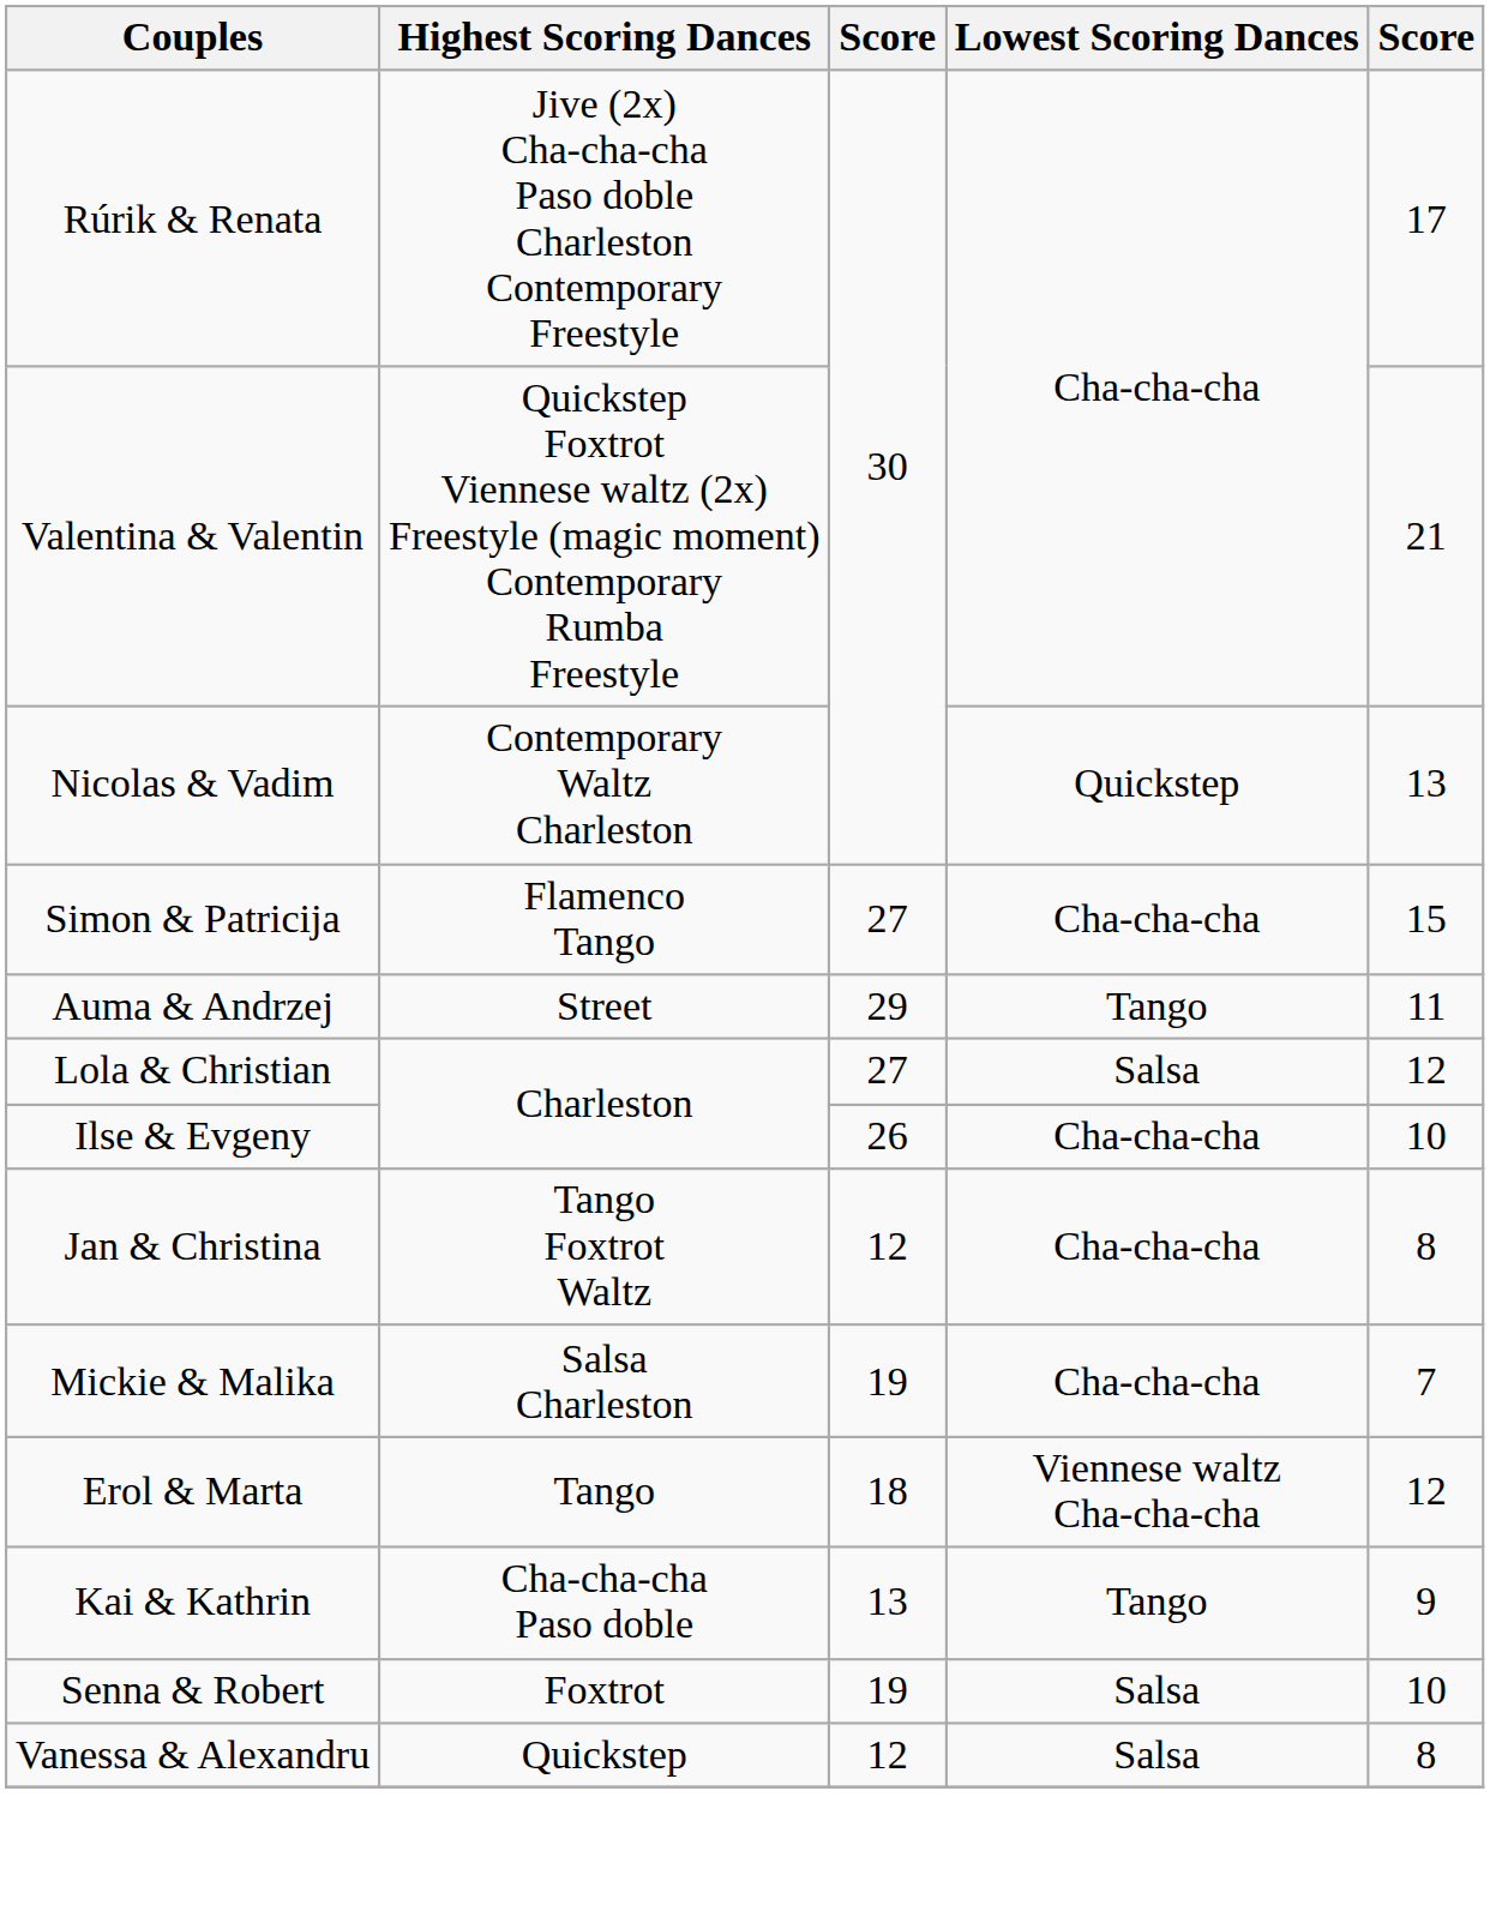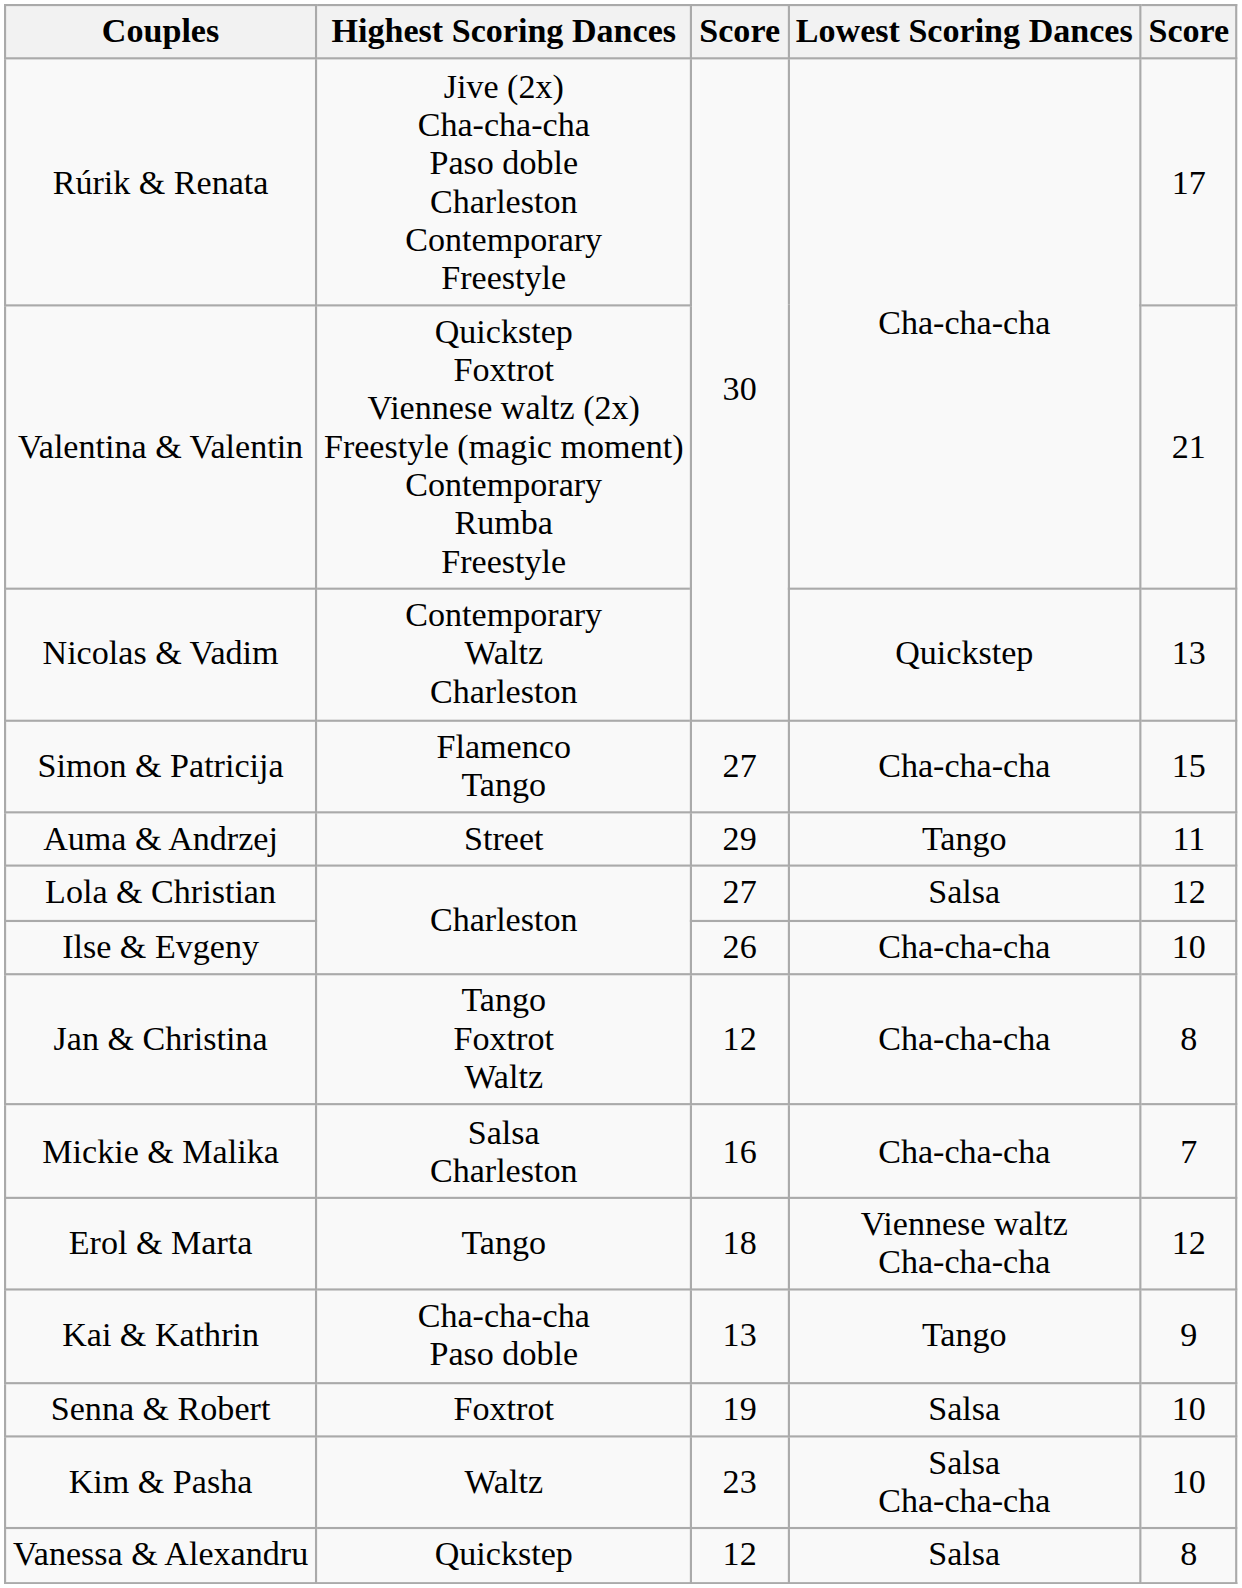 <table class="wikitable sortable" style="text-align:center;">
 <tr>
 <th>Couples</th>
 <th>Highest Scoring Dances</th>
 <th>Score</th>
 <th>Lowest Scoring Dances</th>
 <th>Score</th>
 </tr>
 <tr>
 <td>Rúrik & Renata</td>
 <td>Jive (2x)<br>Cha-cha-cha<br>Paso doble<br>Charleston<br>Contemporary<br>Freestyle</td>
 <td rowspan="3">30</td>
 <td rowspan="2">Cha-cha-cha</td>
 <td>17</td>
 </tr>
 <tr>
 <td>Valentina & Valentin</td>
 <td>Quickstep<br>Foxtrot<br>Viennese waltz (2x)<br>Freestyle (magic moment)<br>Contemporary<br>Rumba<br>Freestyle</td>
 <td>21</td>
 </tr>
 <tr>
 <td>Nicolas & Vadim</td>
 <td>Contemporary<br>Waltz<br>Charleston</td>
 <td>Quickstep</td>
 <td>13</td>
 </tr>
 <tr>
 <td>Simon & Patricija</td>
 <td>Flamenco<br>Tango</td>
 <td>27</td>
 <td>Cha-cha-cha</td>
 <td>15</td>
 </tr>
 <tr>
 <td>Auma & Andrzej</td>
 <td>Street</td>
 <td>29</td>
 <td>Tango</td>
 <td>11</td>
 </tr>
 <tr>
 <td>Lola & Christian</td>
 <td rowspan="2">Charleston</td>
 <td>27</td>
 <td>Salsa</td>
 <td>12</td>
 </tr>
 <tr>
 <td>Ilse & Evgeny</td>
 <td>26</td>
 <td>Cha-cha-cha</td>
 <td>10</td>
 </tr>
 <tr>
 <td>Jan & Christina</td>
 <td>Tango<br>Foxtrot<br>Waltz</td>
 <td>12</td>
 <td>Cha-cha-cha</td>
 <td>8</td>
 </tr>
 <tr>
 <td>Mickie & Malika</td>
 <td>Salsa<br>Charleston</td>
-<td>19</td>
+<td>16</td>
 <td>Cha-cha-cha</td>
 <td>7</td>
 </tr>
 <tr>
 <td>Erol & Marta</td>
 <td>Tango</td>
 <td>18</td>
 <td>Viennese waltz<br>Cha-cha-cha</td>
 <td>12</td>
 </tr>
 <tr>
 <td>Kai & Kathrin</td>
 <td>Cha-cha-cha<br>Paso doble</td>
 <td>13</td>
 <td>Tango</td>
 <td>9</td>
 </tr>
 <tr>
 <td>Senna & Robert</td>
 <td>Foxtrot</td>
 <td>19</td>
 <td>Salsa</td>
 <td>10</td>
 </tr>
 <tr>
+<td>Kim & Pasha</td>
+<td>Waltz</td>
+<td>23</td>
+<td>Salsa<br>Cha-cha-cha</td>
+<td>10</td>
+</tr>
+<tr>
 <td>Vanessa & Alexandru</td>
 <td>Quickstep</td>
 <td>12</td>
 <td>Salsa</td>
 <td>8</td>
 </tr>
 <tr>
 </tr>
 </table>
